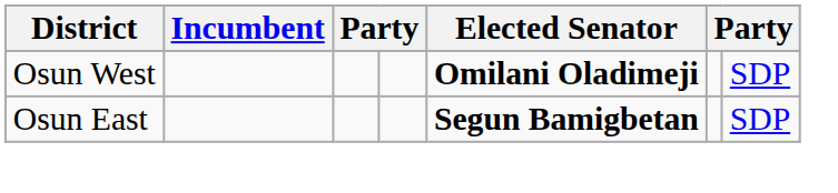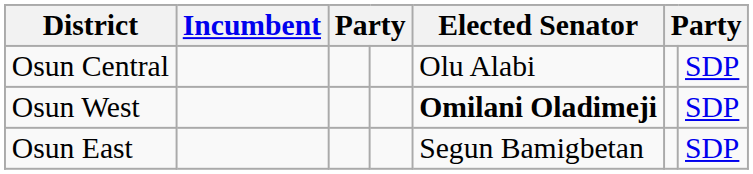 <table class="sortable wikitable" style="font-size:95%;line-height:14px;">
 <tr>
 <th class="unsortable">District</th>
 <th class="unsortable"><a href='#'>Incumbent</a></th>
 <th colspan="2">Party</th>
 <th class="unsortable">Elected Senator</th>
 <th colspan="2">Party</th>
+</tr>
+<tr>
+<td>Osun Central</td>
+<td></td>
+<td></td>
+<td></td>
+<td>Olu Alabi</td>
+<td style="background:"></td>
+<td><a href='#'>SDP</a></td>
 </tr>
 <tr>
 <td>Osun West</td>
 <td></td>
 <td></td>
 <td></td>
 <td><strong>Omilani Oladimeji</strong></td>
 <td style="background:"></td>
 <td><a href='#'>SDP</a></td>
 </tr>
 <tr>
 <td>Osun East</td>
 <td></td>
 <td></td>
 <td></td>
-<td><strong>Segun Bamigbetan</strong></td>
+<td>Segun Bamigbetan</td>
 <td style="background:"></td>
 <td><a href='#'>SDP</a></td>
 </tr>
 </table>
